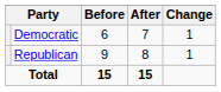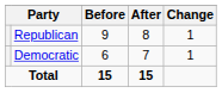 <table class="wikitable" style="text-align:center;">
 <tr>
 </tr>
 <tr>
 <th colspan=2>Party</th>
 <th>Before</th>
 <th>After</th>
 <th>Change</th>
 </tr>
 <tr>
 <th style="background-color:"></th>
-<td style="text-align:left;"><a href='#'>Democratic</a></td>
-<td>6</td>
-<td>7</td>
+<td style="text-align:left;"><a href='#'>Republican</a></td>
+<td>9</td>
+<td>8</td>
 <td> 1</td>
 </tr>
 <tr>
 <th style="background-color:"></th>
-<td style="text-align:left;"><a href='#'>Republican</a></td>
-<td>9</td>
-<td>8</td>
+<td style="text-align:left;"><a href='#'>Democratic</a></td>
+<td>6</td>
+<td>7</td>
 <td> 1</td>
 </tr>
 <tr>
 <td colspan=2><strong>Total</strong></td>
 <td><strong>15</strong></td>
 <td><strong>15</strong></td>
 <td></td>
 </tr>
 </table>
